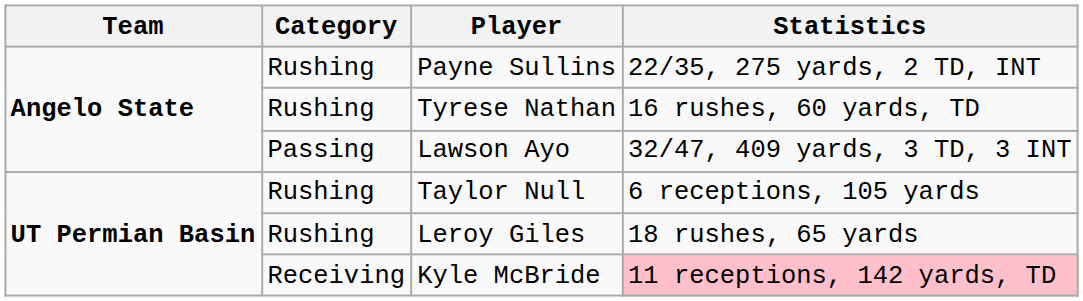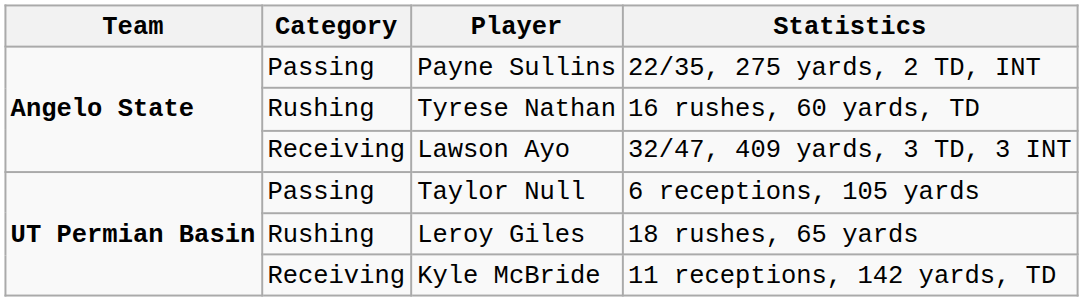 <table class="wikitable" style="float: right;">
 <tr>
 <th>Team</th>
 <th>Category</th>
 <th>Player</th>
 <th>Statistics</th>
 </tr>
 <tr>
 <td rowspan=3><strong>Angelo State</strong></td>
-<td>Rushing</td>
+<td>Passing</td>
 <td>Payne Sullins</td>
 <td>22/35, 275 yards, 2 TD, INT</td>
 </tr>
 <tr>
 <td>Rushing</td>
 <td>Tyrese Nathan</td>
 <td>16 rushes, 60 yards, TD</td>
 </tr>
 <tr>
-<td>Passing</td>
+<td>Receiving</td>
 <td>Lawson Ayo</td>
 <td>32/47, 409 yards, 3 TD, 3 INT</td>
 </tr>
 <tr>
 <td rowspan=3><strong>UT Permian Basin</strong></td>
-<td>Rushing</td>
+<td>Passing</td>
 <td>Taylor Null</td>
 <td>6 receptions, 105 yards</td>
 </tr>
 <tr>
 <td>Rushing</td>
 <td>Leroy Giles</td>
 <td>18 rushes, 65 yards</td>
 </tr>
 <tr>
 <td>Receiving</td>
 <td>Kyle McBride</td>
-<td style="background: pink;">11 receptions, 142 yards, TD</td>
+<td>11 receptions, 142 yards, TD</td>
 </tr>
 </table>
